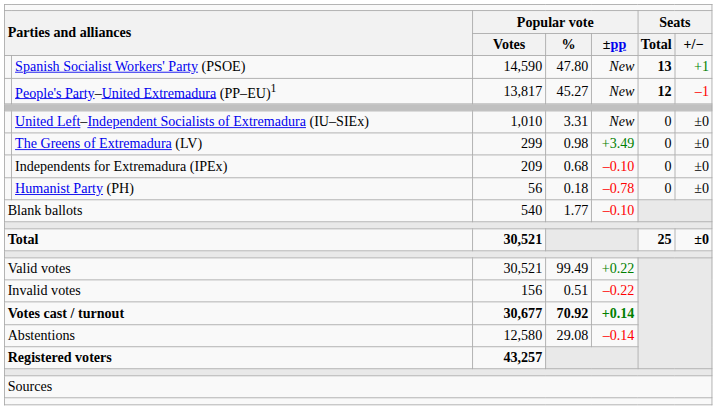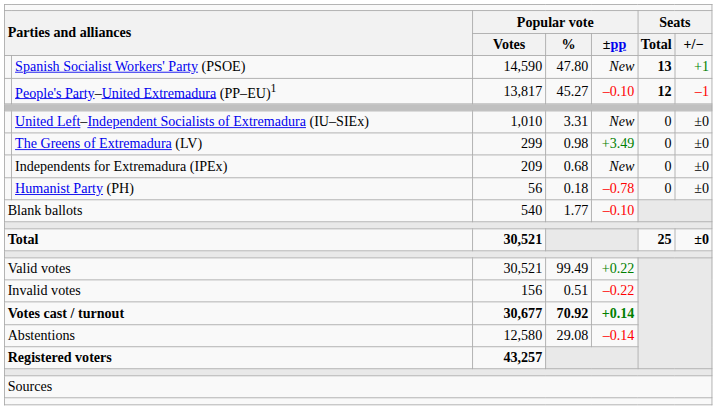 <table class="wikitable" style="text-align:right;">
 <tr>
 <td colspan="7"></td>
 </tr>
 <tr>
 <th style="text-align:left;" rowspan="2" colspan="2" width="525">Parties and alliances</th>
 <th colspan="3">Popular vote</th>
 <th colspan="2">Seats</th>
 </tr>
 <tr>
 <th width="75">Votes</th>
 <th width="45">%</th>
 <th width="45">±<a href='#'>pp</a></th>
 <th width="35">Total</th>
 <th width="35">+/−</th>
 </tr>
 <tr>
 <td width="1" style="color:inherit;background:"></td>
 <td align="left"><a href='#'>Spanish Socialist Workers' Party</a> (PSOE)</td>
 <td>14,590</td>
 <td>47.80</td>
 <td><em>New</em></td>
 <td><strong>13</strong></td>
 <td style="color:green;">+1</td>
 </tr>
 <tr>
 <td style="color:inherit;background:"></td>
 <td align="left"><a href='#'>People's Party</a>–<a href='#'>United Extremadura</a> (PP–EU)<sup>1</sup></td>
 <td>13,817</td>
 <td>45.27</td>
-<td><em>New</em></td>
+<td style="color:red;">–0.10</td>
 <td><strong>12</strong></td>
 <td style="color:red;">–1</td>
 </tr>
 <tr>
 <td colspan="7" bgcolor="#C0C0C0"></td>
 </tr>
 <tr>
 <td style="color:inherit;background:"></td>
 <td align="left"><a href='#'>United Left</a>–<a href='#'>Independent Socialists of Extremadura</a> (IU–SIEx)</td>
 <td>1,010</td>
 <td>3.31</td>
 <td><em>New</em></td>
 <td>0</td>
 <td>±0</td>
 </tr>
 <tr>
 <td style="color:inherit;background:"></td>
 <td align="left"><a href='#'>The Greens of Extremadura</a> (LV)</td>
 <td>299</td>
 <td>0.98</td>
 <td style="color:green;">+3.49</td>
 <td>0</td>
 <td>±0</td>
 </tr>
 <tr>
 <td style="color:inherit;background:"></td>
 <td align="left">Independents for Extremadura (IPEx)</td>
 <td>209</td>
 <td>0.68</td>
-<td style="color:red;">–0.10</td>
+<td><em>New</em></td>
 <td>0</td>
 <td>±0</td>
 </tr>
 <tr>
 <td style="color:inherit;background:"></td>
 <td align="left"><a href='#'>Humanist Party</a> (PH)</td>
 <td>56</td>
 <td>0.18</td>
 <td style="color:red;">–0.78</td>
 <td>0</td>
 <td>±0</td>
 </tr>
 <tr>
 <td align="left" colspan="2">Blank ballots</td>
 <td>540</td>
 <td>1.77</td>
 <td style="color:red;">–0.10</td>
 <td bgcolor="#E9E9E9" colspan="2"></td>
 </tr>
 <tr>
 <td colspan="7" bgcolor="#E9E9E9"></td>
 </tr>
 <tr style="font-weight:bold;">
 <td align="left" colspan="2">Total</td>
 <td>30,521</td>
 <td bgcolor="#E9E9E9" colspan="2"></td>
 <td>25</td>
 <td>±0</td>
 </tr>
 <tr>
 <td colspan="7" bgcolor="#E9E9E9"></td>
 </tr>
 <tr>
 <td align="left" colspan="2">Valid votes</td>
 <td>30,521</td>
 <td>99.49</td>
 <td style="color:green;">+0.22</td>
 <td bgcolor="#E9E9E9" colspan="2" rowspan="5"></td>
 </tr>
 <tr>
 <td align="left" colspan="2">Invalid votes</td>
 <td>156</td>
 <td>0.51</td>
 <td style="color:red;">–0.22</td>
 </tr>
 <tr style="font-weight:bold;">
 <td align="left" colspan="2">Votes cast / turnout</td>
 <td>30,677</td>
 <td>70.92</td>
 <td style="color:green;">+0.14</td>
 </tr>
 <tr>
 <td align="left" colspan="2">Abstentions</td>
 <td>12,580</td>
 <td>29.08</td>
 <td style="color:red;">–0.14</td>
 </tr>
 <tr style="font-weight:bold;">
 <td align="left" colspan="2">Registered voters</td>
 <td>43,257</td>
 <td bgcolor="#E9E9E9" colspan="2"></td>
 </tr>
 <tr>
 <td colspan="7" bgcolor="#E9E9E9"></td>
 </tr>
 <tr>
 <td align="left" colspan="7">Sources</td>
 </tr>
 <tr>
 <td colspan="7" style="text-align:left; max-width:790px;"></td>
 </tr>
 </table>
